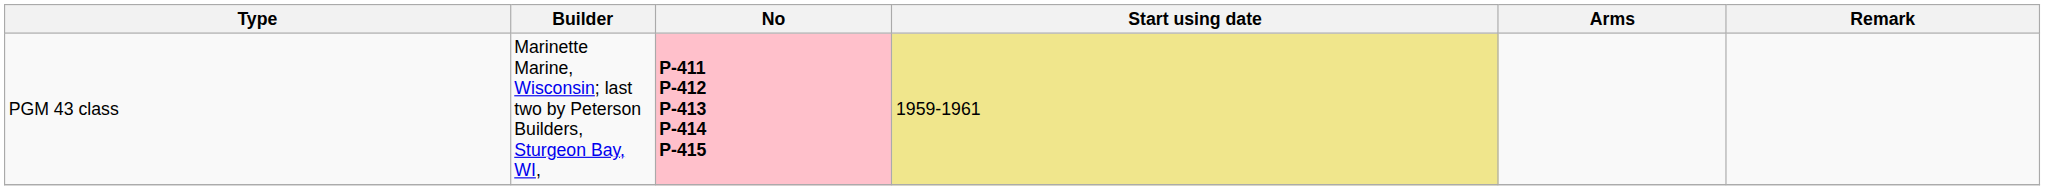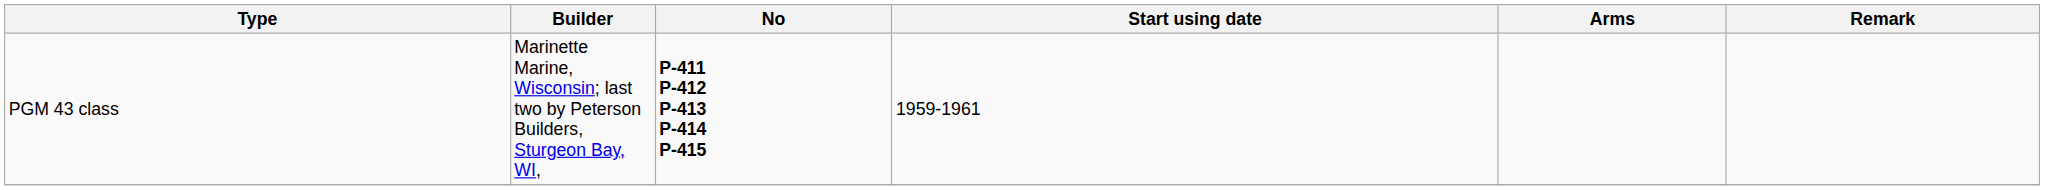 <table class="wikitable" style="font-size:97%; width:90%">
 <tr>
 <th>Type</th>
 <th width=120px>Builder</th>
 <th>No</th>
 <th>Start using date</th>
 <th>Arms</th>
 <th>Remark</th>
 </tr>
 <tr>
 <td>PGM 43 class </td>
 <td>Marinette Marine, <a href='#'>Wisconsin</a>; last two by Peterson Builders, <a href='#'>Sturgeon Bay, WI</a>, </td>
-<td style="background: pink;"><strong>P-411<br>P-412<br>P-413<br>P-414<br>P-415</strong></td>
-<td style="background: khaki;">1959-1961</td>
+<td><strong>P-411<br>P-412<br>P-413<br>P-414<br>P-415</strong></td>
+<td>1959-1961</td>
 <td></td>
 <td></td>
 </tr>
 <tr>
 </tr>
 </table>
